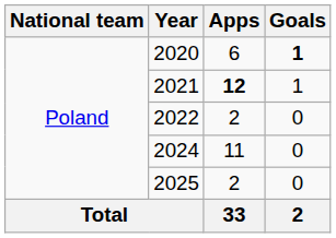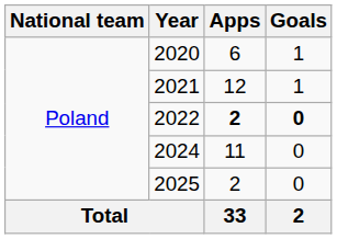 <table class=wikitable style=text-align:center>
 <tr>
 <th>National team</th>
 <th>Year</th>
 <th>Apps</th>
 <th>Goals</th>
 </tr>
 <tr>
 <td rowspan="5"><a href='#'>Poland</a></td>
 <td>2020</td>
 <td>6</td>
-<td><strong>1</strong></td>
+<td>1</td>
 </tr>
 <tr>
 <td>2021</td>
-<td><strong>12</strong></td>
+<td>12</td>
 <td>1</td>
 </tr>
 <tr>
 <td>2022</td>
-<td>2</td>
-<td>0</td>
+<td><strong>2</strong></td>
+<td><strong>0</strong></td>
 </tr>
 <tr>
 <td>2024</td>
 <td>11</td>
 <td>0</td>
 </tr>
 <tr>
 <td>2025</td>
 <td>2</td>
 <td>0</td>
 </tr>
 <tr>
 <th colspan="2">Total</th>
 <th>33</th>
 <th>2</th>
 </tr>
 </table>
